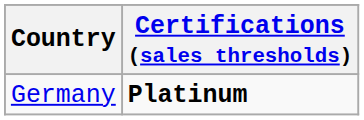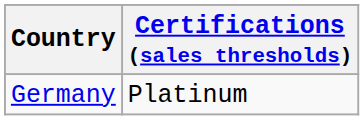 <table class="wikitable">
 <tr>
 <th>Country</th>
 <th><a href='#'>Certifications</a><br><small>(<a href='#'>sales thresholds</a>)</small></th>
 </tr>
 <tr>
 <td><a href='#'>Germany</a></td>
-<td><strong>Platinum</strong></td>
+<td>Platinum</td>
 </tr>
 </table>
